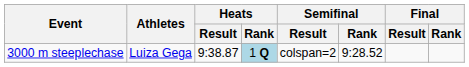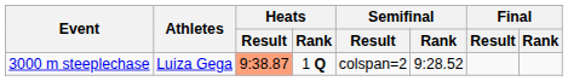 <table class="wikitable" border="1" style="font-size:90%">
 <tr>
 <th rowspan=2>Event</th>
 <th rowspan=2>Athletes</th>
 <th colspan=2>Heats</th>
 <th colspan=2>Semifinal</th>
 <th colspan=2>Final</th>
 </tr>
 <tr>
 <th>Result</th>
 <th>Rank</th>
 <th>Result</th>
 <th>Rank</th>
 <th>Result</th>
 <th>Rank</th>
 </tr>
 <tr>
 <td><a href='#'>3000 m steeplechase</a></td>
 <td align=left><a href='#'>Luiza Gega</a></td>
-<td align=center>9:38.87</td>
-<td align=center style="background: lightblue;">1 <strong>Q</strong></td>
+<td align=center style="background: lightsalmon;">9:38.87</td>
+<td align=center>1 <strong>Q</strong></td>
 <td>colspan=2 </td>
 <td align=center>9:28.52 <strong></strong></td>
 <td align=center></td>
 </tr>
 </table>
